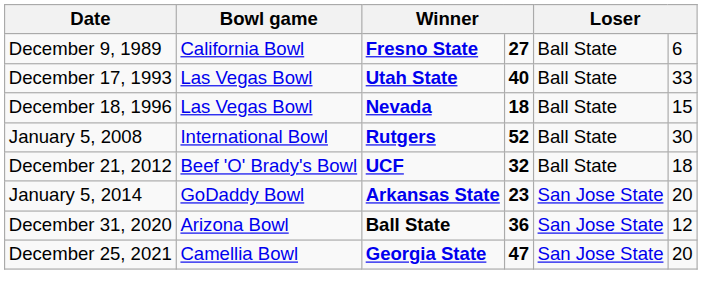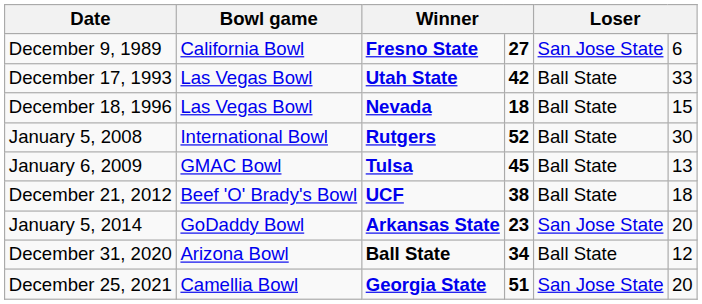 <table class="wikitable">
 <tr>
 <th>Date</th>
 <th>Bowl game</th>
 <th colspan=2>Winner</th>
 <th colspan=2>Loser</th>
 </tr>
 <tr>
 <td>December 9, 1989</td>
 <td><a href='#'>California Bowl</a></td>
 <td><strong><a href='#'>Fresno State</a></strong></td>
 <td><strong>27</strong></td>
-<td>Ball State</td>
+<td><a href='#'>San Jose State</a></td>
 <td>6</td>
 </tr>
 <tr>
 <td>December 17, 1993</td>
 <td><a href='#'>Las Vegas Bowl</a></td>
 <td><strong><a href='#'>Utah State</a></strong></td>
-<td><strong>40</strong></td>
+<td><strong>42</strong></td>
 <td>Ball State</td>
 <td>33</td>
 </tr>
 <tr>
 <td>December 18, 1996</td>
 <td><a href='#'>Las Vegas Bowl</a></td>
 <td><strong><a href='#'>Nevada</a></strong></td>
 <td><strong>18</strong></td>
 <td>Ball State</td>
 <td>15</td>
 </tr>
 <tr>
 <td>January 5, 2008</td>
 <td><a href='#'>International Bowl</a></td>
 <td><strong><a href='#'>Rutgers</a></strong></td>
 <td><strong>52</strong></td>
 <td>Ball State</td>
 <td>30</td>
 </tr>
 <tr>
+<td>January 6, 2009</td>
+<td><a href='#'>GMAC Bowl</a></td>
+<td><strong><a href='#'>Tulsa</a></strong></td>
+<td><strong>45</strong></td>
+<td>Ball State</td>
+<td>13</td>
+</tr>
+<tr>
 <td>December 21, 2012</td>
 <td><a href='#'>Beef 'O' Brady's Bowl</a></td>
 <td><strong><a href='#'>UCF</a></strong></td>
-<td><strong>32</strong></td>
+<td><strong>38</strong></td>
 <td>Ball State</td>
 <td>18</td>
 </tr>
 <tr>
 <td>January 5, 2014</td>
 <td><a href='#'>GoDaddy Bowl</a></td>
 <td><strong><a href='#'>Arkansas State</a></strong></td>
 <td><strong>23</strong></td>
 <td><a href='#'>San Jose State</a></td>
 <td>20</td>
 </tr>
 <tr>
 <td>December 31, 2020</td>
 <td><a href='#'>Arizona Bowl</a></td>
 <td><strong>Ball State</strong></td>
-<td><strong>36</strong></td>
-<td><a href='#'>San Jose State</a></td>
+<td><strong>34</strong></td>
+<td>Ball State</td>
 <td>12</td>
 </tr>
 <tr>
 <td>December 25, 2021</td>
 <td><a href='#'>Camellia Bowl</a></td>
 <td><strong><a href='#'>Georgia State</a></strong></td>
-<td><strong>47</strong></td>
+<td><strong>51</strong></td>
 <td><a href='#'>San Jose State</a></td>
 <td>20</td>
 </tr>
 </table>
